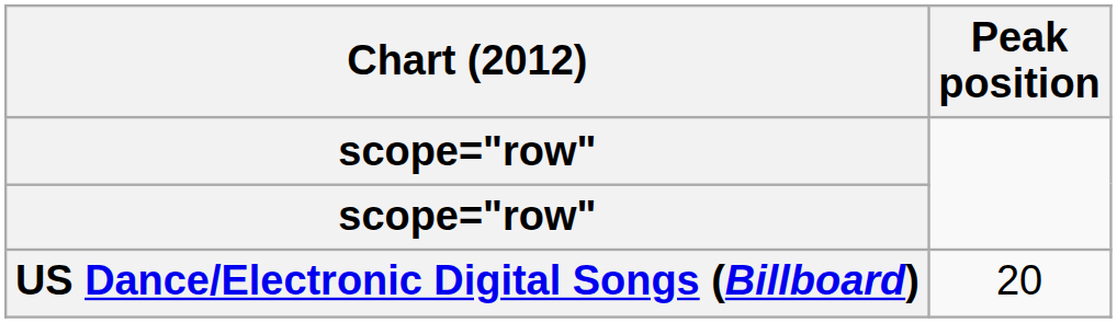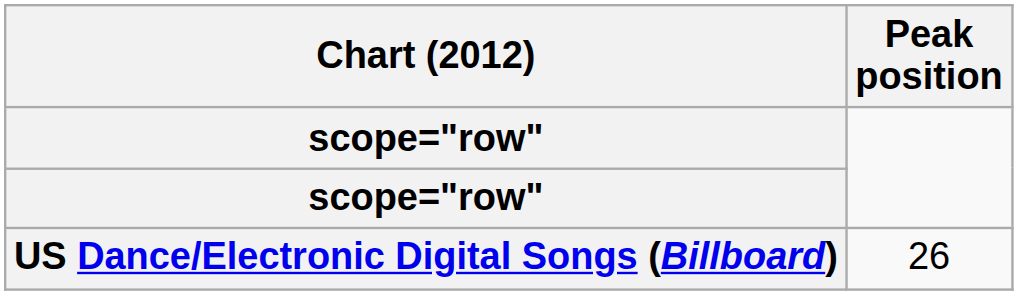 <table class="wikitable sortable plainrowheaders" style="text-align:center">
 <tr>
 <th scope="col">Chart (2012)</th>
 <th scope="col">Peak<br>position</th>
 </tr>
 <tr>
 <th>scope="row" </th>
 </tr>
 <tr>
 <th>scope="row" </th>
 </tr>
 <tr>
 <th scope="row">US <a href='#'>Dance/Electronic Digital Songs</a> (<em><a href='#'>Billboard</a></em>)</th>
-<td>20</td>
+<td>26</td>
 </tr>
 </table>
